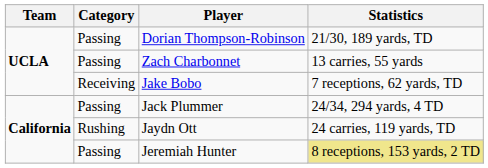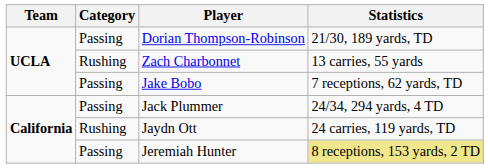 <table class="wikitable" style="float: right;">
 <tr>
 <th>Team</th>
 <th>Category</th>
 <th>Player</th>
 <th>Statistics</th>
 </tr>
 <tr>
 <td rowspan=3><strong>UCLA</strong></td>
 <td>Passing</td>
 <td><a href='#'>Dorian Thompson-Robinson</a></td>
 <td>21/30, 189 yards, TD</td>
 </tr>
 <tr>
-<td>Passing</td>
+<td>Rushing</td>
 <td><a href='#'>Zach Charbonnet</a></td>
 <td>13 carries, 55 yards</td>
 </tr>
 <tr>
-<td>Receiving</td>
+<td>Passing</td>
 <td><a href='#'>Jake Bobo</a></td>
 <td>7 receptions, 62 yards, TD</td>
 </tr>
 <tr>
 <td rowspan=3><strong>California</strong></td>
 <td>Passing</td>
 <td>Jack Plummer</td>
 <td>24/34, 294 yards, 4 TD</td>
 </tr>
 <tr>
 <td>Rushing</td>
 <td>Jaydn Ott</td>
 <td>24 carries, 119 yards, TD</td>
 </tr>
 <tr>
 <td>Passing</td>
 <td>Jeremiah Hunter</td>
 <td style="background: khaki;">8 receptions, 153 yards, 2 TD</td>
 </tr>
 </table>
